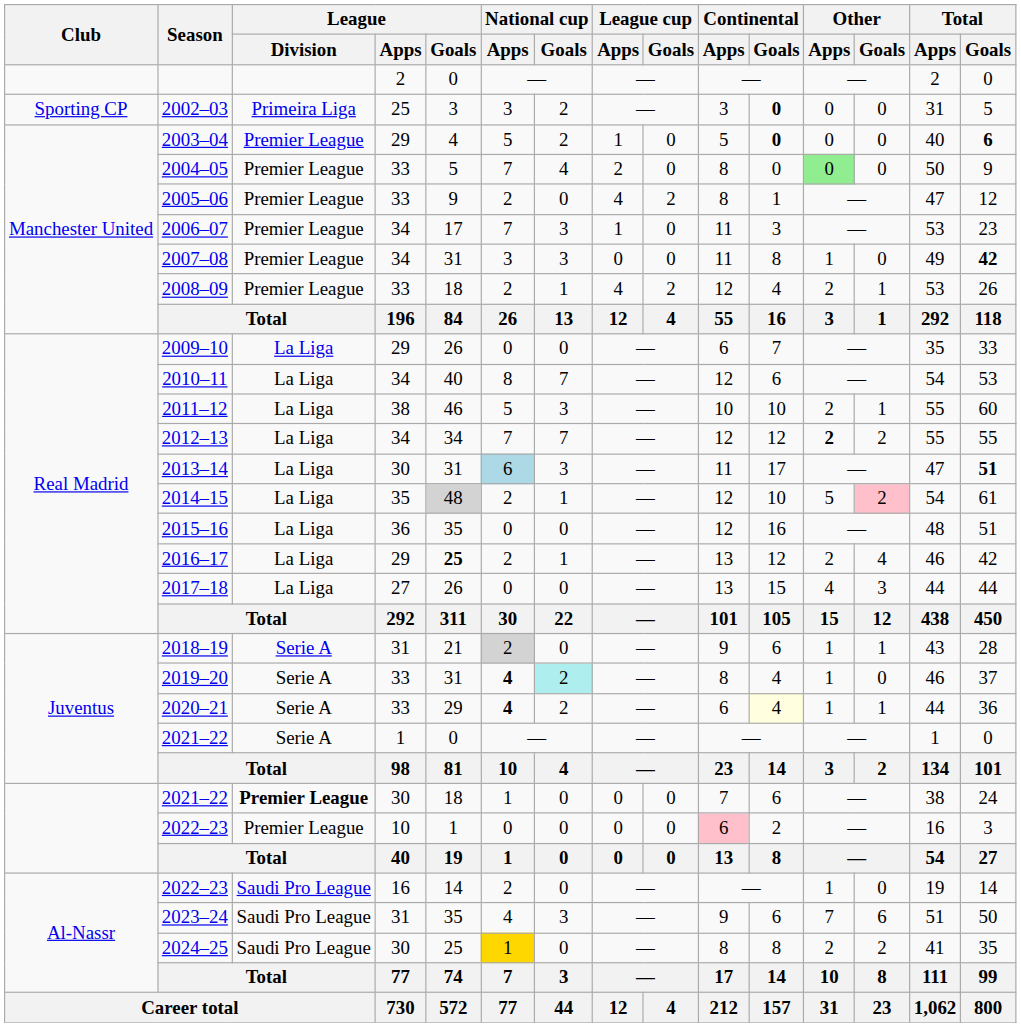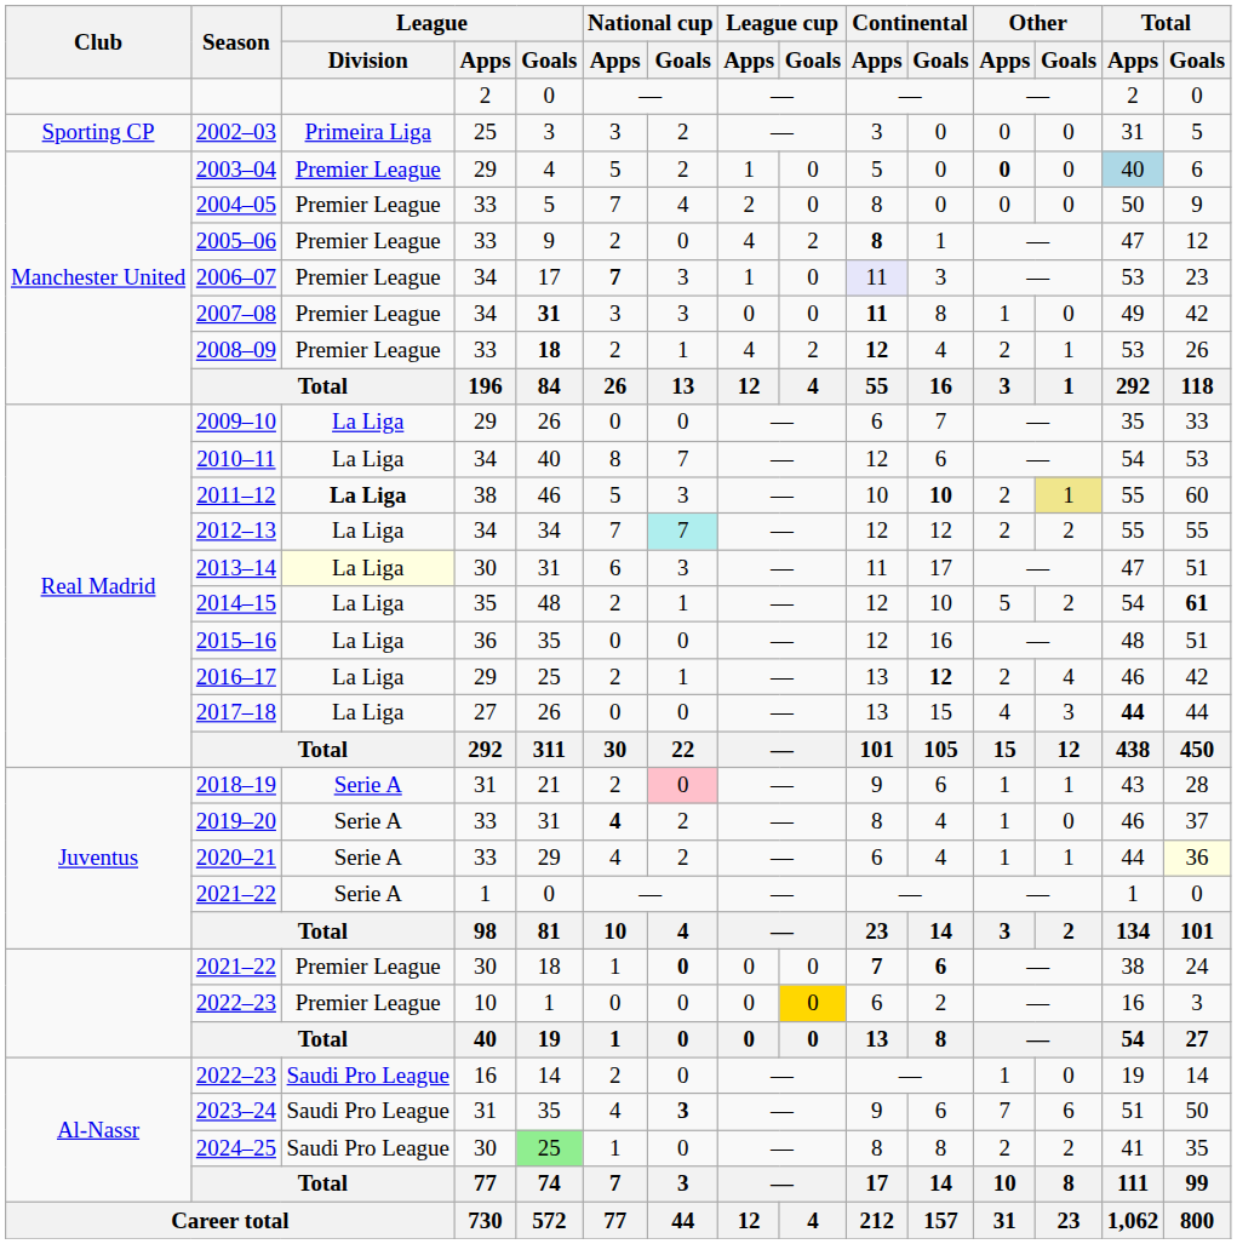 <table class="wikitable" style="text-align:center">
 <tr>
 <th rowspan=2>Club</th>
 <th rowspan=2>Season</th>
 <th colspan=3>League</th>
 <th colspan=2>National cup</th>
 <th colspan=2>League cup</th>
 <th colspan=2>Continental</th>
 <th colspan=2>Other</th>
 <th colspan=2>Total</th>
 </tr>
 <tr>
 <th>Division</th>
 <th>Apps</th>
 <th>Goals</th>
 <th>Apps</th>
 <th>Goals</th>
 <th>Apps</th>
 <th>Goals</th>
 <th>Apps</th>
 <th>Goals</th>
 <th>Apps</th>
 <th>Goals</th>
 <th>Apps</th>
 <th>Goals</th>
 </tr>
 <tr>
 <td></td>
 <td></td>
 <td></td>
 <td>2</td>
 <td>0</td>
 <td colspan=2>—</td>
 <td colspan=2>—</td>
 <td colspan=2>—</td>
 <td colspan=2>—</td>
 <td>2</td>
 <td>0</td>
 </tr>
 <tr>
 <td><a href='#'>Sporting CP</a></td>
 <td><a href='#'>2002–03</a></td>
 <td><a href='#'>Primeira Liga</a></td>
 <td>25</td>
 <td>3</td>
 <td>3</td>
 <td>2</td>
 <td colspan=2>—</td>
 <td>3</td>
-<td><strong>0</strong></td>
+<td>0</td>
 <td>0</td>
 <td>0</td>
 <td>31</td>
 <td>5</td>
 </tr>
 <tr>
 <td rowspan=7><a href='#'>Manchester United</a></td>
 <td><a href='#'>2003–04</a></td>
 <td><a href='#'>Premier League</a></td>
 <td>29</td>
 <td>4</td>
 <td>5</td>
 <td>2</td>
 <td>1</td>
 <td>0</td>
 <td>5</td>
+<td>0</td>
 <td><strong>0</strong></td>
 <td>0</td>
-<td>0</td>
-<td>40</td>
-<td><strong>6</strong></td>
+<td style="background: lightblue;">40</td>
+<td>6</td>
 </tr>
 <tr>
 <td><a href='#'>2004–05</a></td>
 <td>Premier League</td>
 <td>33</td>
 <td>5</td>
 <td>7</td>
 <td>4</td>
 <td>2</td>
 <td>0</td>
 <td>8</td>
 <td>0</td>
-<td style="background: lightgreen;">0</td>
+<td>0</td>
 <td>0</td>
 <td>50</td>
 <td>9</td>
 </tr>
 <tr>
 <td><a href='#'>2005–06</a></td>
 <td>Premier League</td>
 <td>33</td>
 <td>9</td>
 <td>2</td>
 <td>0</td>
 <td>4</td>
 <td>2</td>
-<td>8</td>
+<td><strong>8</strong></td>
 <td>1</td>
 <td colspan=2>—</td>
 <td>47</td>
 <td>12</td>
 </tr>
 <tr>
 <td><a href='#'>2006–07</a></td>
 <td>Premier League</td>
 <td>34</td>
 <td>17</td>
-<td>7</td>
+<td><strong>7</strong></td>
 <td>3</td>
 <td>1</td>
 <td>0</td>
-<td>11</td>
+<td style="background: lavender;">11</td>
 <td>3</td>
 <td colspan=2>—</td>
 <td>53</td>
 <td>23</td>
 </tr>
 <tr>
 <td><a href='#'>2007–08</a></td>
 <td>Premier League</td>
 <td>34</td>
-<td>31</td>
+<td><strong>31</strong></td>
 <td>3</td>
 <td>3</td>
 <td>0</td>
 <td>0</td>
-<td>11</td>
+<td><strong>11</strong></td>
 <td>8</td>
 <td>1</td>
 <td>0</td>
 <td>49</td>
-<td><strong>42</strong></td>
+<td>42</td>
 </tr>
 <tr>
 <td><a href='#'>2008–09</a></td>
 <td>Premier League</td>
 <td>33</td>
-<td>18</td>
+<td><strong>18</strong></td>
 <td>2</td>
 <td>1</td>
 <td>4</td>
 <td>2</td>
-<td>12</td>
+<td><strong>12</strong></td>
 <td>4</td>
 <td>2</td>
 <td>1</td>
 <td>53</td>
 <td>26</td>
 </tr>
 <tr>
 <th colspan="2">Total</th>
 <th>196</th>
 <th>84</th>
 <th>26</th>
 <th>13</th>
 <th>12</th>
 <th>4</th>
 <th>55</th>
 <th>16</th>
 <th>3</th>
 <th>1</th>
 <th>292</th>
 <th>118</th>
 </tr>
 <tr>
 <td rowspan="10"><a href='#'>Real Madrid</a></td>
 <td><a href='#'>2009–10</a></td>
 <td><a href='#'>La Liga</a></td>
 <td>29</td>
 <td>26</td>
 <td>0</td>
 <td>0</td>
 <td colspan="2">—</td>
 <td>6</td>
 <td>7</td>
 <td colspan=2>—</td>
 <td>35</td>
 <td>33</td>
 </tr>
 <tr>
 <td><a href='#'>2010–11</a></td>
 <td>La Liga</td>
 <td>34</td>
 <td>40</td>
 <td>8</td>
 <td>7</td>
 <td colspan="2">—</td>
 <td>12</td>
 <td>6</td>
 <td colspan="2">—</td>
 <td>54</td>
 <td>53</td>
 </tr>
 <tr>
 <td><a href='#'>2011–12</a></td>
-<td>La Liga</td>
+<td><strong>La Liga</strong></td>
 <td>38</td>
 <td>46</td>
 <td>5</td>
 <td>3</td>
 <td colspan="2">—</td>
 <td>10</td>
-<td>10</td>
+<td><strong>10</strong></td>
 <td>2</td>
-<td>1</td>
+<td style="background: khaki;">1</td>
 <td>55</td>
 <td>60</td>
 </tr>
 <tr>
 <td><a href='#'>2012–13</a></td>
 <td>La Liga</td>
 <td>34</td>
 <td>34</td>
 <td>7</td>
-<td>7</td>
+<td style="background: paleturquoise;">7</td>
 <td colspan="2">—</td>
 <td>12</td>
 <td>12</td>
-<td><strong>2</strong></td>
+<td>2</td>
 <td>2</td>
 <td>55</td>
 <td>55</td>
 </tr>
 <tr>
 <td><a href='#'>2013–14</a></td>
-<td>La Liga</td>
+<td style="background: lightyellow;">La Liga</td>
 <td>30</td>
 <td>31</td>
-<td style="background: lightblue;">6</td>
+<td>6</td>
 <td>3</td>
 <td colspan="2">—</td>
 <td>11</td>
 <td>17</td>
 <td colspan="2">—</td>
 <td>47</td>
-<td><strong>51</strong></td>
+<td>51</td>
 </tr>
 <tr>
 <td><a href='#'>2014–15</a></td>
 <td>La Liga</td>
 <td>35</td>
-<td style="background: lightgrey;">48</td>
+<td>48</td>
 <td>2</td>
 <td>1</td>
 <td colspan="2">—</td>
 <td>12</td>
 <td>10</td>
 <td>5</td>
-<td style="background: pink;">2</td>
+<td>2</td>
 <td>54</td>
-<td>61</td>
+<td><strong>61</strong></td>
 </tr>
 <tr>
 <td><a href='#'>2015–16</a></td>
 <td>La Liga</td>
 <td>36</td>
 <td>35</td>
 <td>0</td>
 <td>0</td>
 <td colspan="2">—</td>
 <td>12</td>
 <td>16</td>
 <td colspan="2">—</td>
 <td>48</td>
 <td>51</td>
 </tr>
 <tr>
 <td><a href='#'>2016–17</a></td>
 <td>La Liga</td>
 <td>29</td>
-<td><strong>25</strong></td>
+<td>25</td>
 <td>2</td>
 <td>1</td>
 <td colspan="2">—</td>
 <td>13</td>
-<td>12</td>
+<td><strong>12</strong></td>
 <td>2</td>
 <td>4</td>
 <td>46</td>
 <td>42</td>
 </tr>
 <tr>
 <td><a href='#'>2017–18</a></td>
 <td>La Liga</td>
 <td>27</td>
 <td>26</td>
 <td>0</td>
 <td>0</td>
 <td colspan="2">—</td>
 <td>13</td>
 <td>15</td>
 <td>4</td>
 <td>3</td>
-<td>44</td>
+<td><strong>44</strong></td>
 <td>44</td>
 </tr>
 <tr>
 <th colspan=2>Total</th>
 <th>292</th>
 <th>311</th>
 <th>30</th>
 <th>22</th>
 <th colspan="2">—</th>
 <th>101</th>
 <th>105</th>
 <th>15</th>
 <th>12</th>
 <th>438</th>
 <th>450</th>
 </tr>
 <tr>
 <td rowspan="5"><a href='#'>Juventus</a></td>
 <td><a href='#'>2018–19</a></td>
 <td><a href='#'>Serie A</a></td>
 <td>31</td>
 <td>21</td>
-<td style="background: lightgrey;">2</td>
-<td>0</td>
+<td>2</td>
+<td style="background: pink;">0</td>
 <td colspan="2">—</td>
 <td>9</td>
 <td>6</td>
 <td>1</td>
 <td>1</td>
 <td>43</td>
 <td>28</td>
 </tr>
 <tr>
 <td><a href='#'>2019–20</a></td>
 <td>Serie A</td>
 <td>33</td>
 <td>31</td>
 <td><strong>4</strong></td>
-<td style="background: paleturquoise;">2</td>
+<td>2</td>
 <td colspan="2">—</td>
 <td>8</td>
 <td>4</td>
 <td>1</td>
 <td>0</td>
 <td>46</td>
 <td>37</td>
 </tr>
 <tr>
 <td><a href='#'>2020–21</a></td>
 <td>Serie A</td>
 <td>33</td>
 <td>29</td>
-<td><strong>4</strong></td>
+<td>4</td>
 <td>2</td>
 <td colspan="2">—</td>
 <td>6</td>
-<td style="background: lightyellow;">4</td>
+<td>4</td>
 <td>1</td>
 <td>1</td>
 <td>44</td>
-<td>36</td>
+<td style="background: lightyellow;">36</td>
 </tr>
 <tr>
 <td><a href='#'>2021–22</a></td>
 <td>Serie A</td>
 <td>1</td>
 <td>0</td>
 <td colspan="2">—</td>
 <td colspan="2">—</td>
 <td colspan="2">—</td>
 <td colspan="2">—</td>
 <td>1</td>
 <td>0</td>
 </tr>
 <tr>
 <th colspan="2">Total</th>
 <th>98</th>
 <th>81</th>
 <th>10</th>
 <th>4</th>
 <th colspan="2">—</th>
 <th>23</th>
 <th>14</th>
 <th>3</th>
 <th>2</th>
 <th>134</th>
 <th>101</th>
 </tr>
 <tr>
 <td rowspan="3"></td>
 <td><a href='#'>2021–22</a></td>
-<td><strong>Premier League</strong></td>
+<td>Premier League</td>
 <td>30</td>
 <td>18</td>
 <td>1</td>
+<td><strong>0</strong></td>
 <td>0</td>
 <td>0</td>
-<td>0</td>
-<td>7</td>
-<td>6</td>
+<td><strong>7</strong></td>
+<td><strong>6</strong></td>
 <td colspan="2">—</td>
 <td>38</td>
 <td>24</td>
 </tr>
 <tr>
 <td><a href='#'>2022–23</a></td>
 <td>Premier League</td>
 <td>10</td>
 <td>1</td>
 <td>0</td>
 <td>0</td>
 <td>0</td>
-<td>0</td>
-<td style="background: pink;">6</td>
+<td style="background: gold;">0</td>
+<td>6</td>
 <td>2</td>
 <td colspan=2>—</td>
 <td>16</td>
 <td>3</td>
 </tr>
 <tr>
 <th colspan="2">Total</th>
 <th>40</th>
 <th>19</th>
 <th>1</th>
 <th>0</th>
 <th>0</th>
 <th>0</th>
 <th>13</th>
 <th>8</th>
 <th colspan="2">—</th>
 <th>54</th>
 <th>27</th>
 </tr>
 <tr>
 <td rowspan="4"><a href='#'>Al-Nassr</a></td>
 <td><a href='#'>2022–23</a></td>
 <td><a href='#'>Saudi Pro League</a></td>
 <td>16</td>
 <td>14</td>
 <td>2</td>
 <td>0</td>
 <td colspan="2">—</td>
 <td colspan="2">—</td>
 <td>1</td>
 <td>0</td>
 <td>19</td>
 <td>14</td>
 </tr>
 <tr>
 <td><a href='#'>2023–24</a></td>
 <td>Saudi Pro League</td>
 <td>31</td>
 <td>35</td>
 <td>4</td>
-<td>3</td>
+<td><strong>3</strong></td>
 <td colspan="2">—</td>
 <td>9</td>
 <td>6</td>
 <td>7</td>
 <td>6</td>
 <td>51</td>
 <td>50</td>
 </tr>
 <tr>
 <td><a href='#'>2024–25</a></td>
 <td>Saudi Pro League</td>
 <td>30</td>
-<td>25</td>
-<td style="background: gold;">1</td>
+<td style="background: lightgreen;">25</td>
+<td>1</td>
 <td>0</td>
 <td colspan="2">—</td>
 <td>8</td>
 <td>8</td>
 <td>2</td>
 <td>2</td>
 <td>41</td>
 <td>35</td>
 </tr>
 <tr>
 <th colspan="2">Total</th>
 <th>77</th>
 <th>74</th>
 <th>7</th>
 <th>3</th>
 <th colspan="2">—</th>
 <th>17</th>
 <th>14</th>
 <th>10</th>
 <th>8</th>
 <th>111</th>
 <th>99</th>
 </tr>
 <tr>
 <th colspan="3">Career total</th>
 <th>730</th>
 <th>572</th>
 <th>77</th>
 <th>44</th>
 <th>12</th>
 <th>4</th>
 <th>212</th>
 <th>157</th>
 <th>31</th>
 <th>23</th>
 <th>1,062</th>
 <th>800</th>
 </tr>
 </table>
